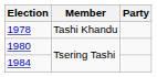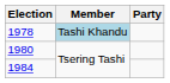 <table class="wikitable sortable">
 <tr>
 <th>Election</th>
 <th>Member</th>
 <th colspan=2>Party</th>
 </tr>
 <tr>
 <td><a href='#'>1978</a></td>
-<td>Tashi Khandu</td>
+<td style="background: lightblue;">Tashi Khandu</td>
 <td></td>
 </tr>
 <tr>
 <td><a href='#'>1980</a></td>
 <td rowspan=2>Tsering Tashi</td>
 <td></td>
 </tr>
 <tr>
 <td><a href='#'>1984</a></td>
 <td></td>
 </tr>
 </table>
